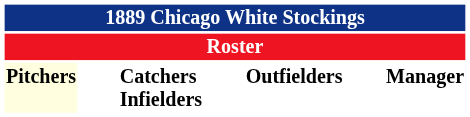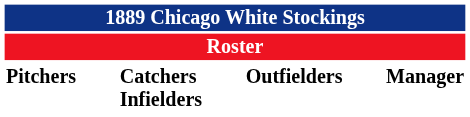 <table class="toccolours" style="font-size: 95%;">
 <tr>
 <th colspan="10" style="background-color: #0e3386; color: white; text-align: center;">1889 Chicago White Stockings</th>
 </tr>
 <tr>
 <td colspan="10" style="background-color: #EE1422; color: white; text-align: center;"><strong>Roster</strong></td>
 </tr>
 <tr>
-<td valign="top" style="background: lightyellow;"><strong>Pitchers</strong><br>      </td>
+<td valign="top"><strong>Pitchers</strong><br>      </td>
 <td width="25px"></td>
 <td valign="top"><strong>Catchers</strong><br>    <strong>Infielders</strong>     </td>
 <td width="25px"></td>
 <td valign="top"><strong>Outfielders</strong><br>  </td>
 <td width="25px"></td>
 <td valign="top"><strong>Manager</strong><br></td>
 </tr>
 <tr>
 </tr>
 </table>
